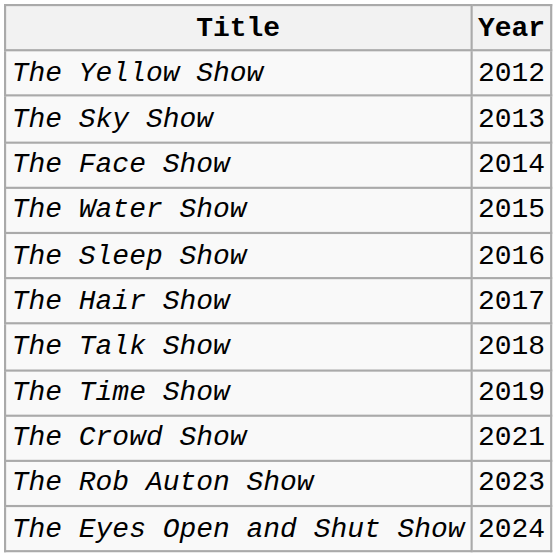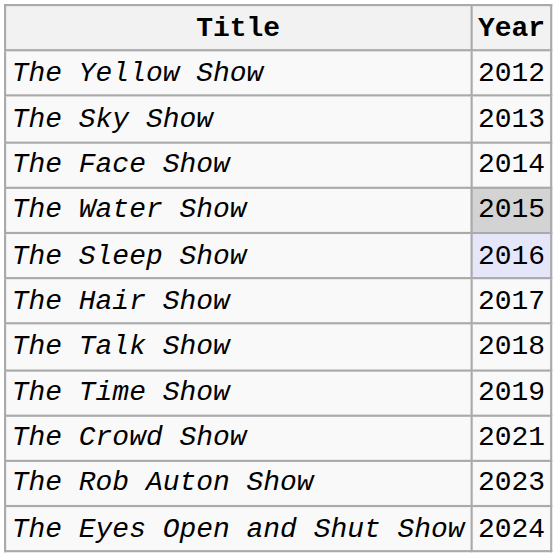 <table class="wikitable">
 <tr>
 <th>Title</th>
 <th>Year</th>
 </tr>
 <tr>
 <td><em>The Yellow Show</em></td>
 <td>2012</td>
 </tr>
 <tr>
 <td><em>The Sky Show</em></td>
 <td>2013</td>
 </tr>
 <tr>
 <td><em>The Face Show</em></td>
 <td>2014</td>
 </tr>
 <tr>
 <td><em>The Water Show</em></td>
-<td>2015</td>
+<td style="background: lightgrey;">2015</td>
 </tr>
 <tr>
 <td><em>The Sleep Show</em></td>
-<td>2016</td>
+<td style="background: lavender;">2016</td>
 </tr>
 <tr>
 <td><em>The Hair Show</em></td>
 <td>2017</td>
 </tr>
 <tr>
 <td><em>The Talk Show</em></td>
 <td>2018</td>
 </tr>
 <tr>
 <td><em>The Time Show</em></td>
 <td>2019</td>
 </tr>
 <tr>
 <td><em>The Crowd Show</em></td>
 <td>2021</td>
 </tr>
 <tr>
 <td><em>The Rob Auton Show</em></td>
 <td>2023</td>
 </tr>
 <tr>
 <td><em>The Eyes Open and Shut Show</em></td>
 <td>2024</td>
 </tr>
 </table>
